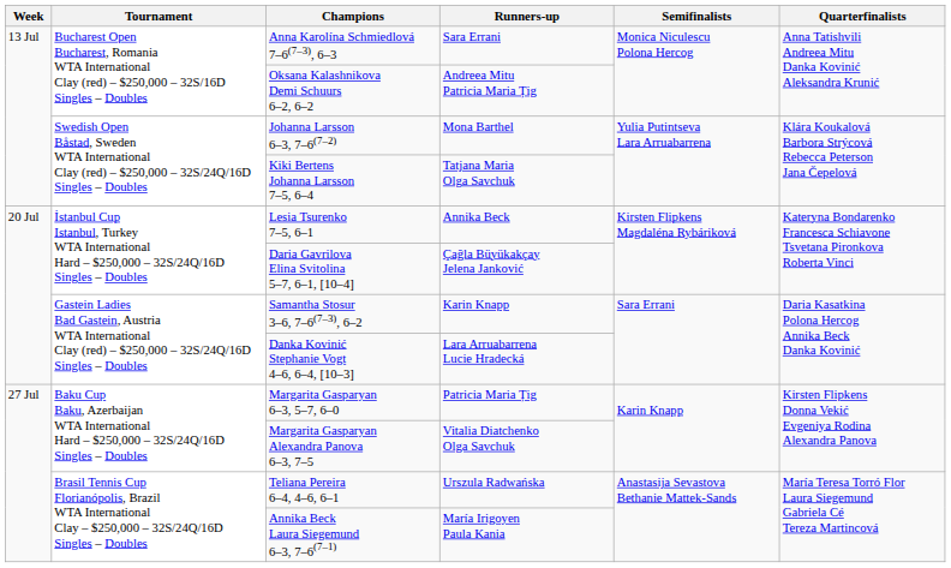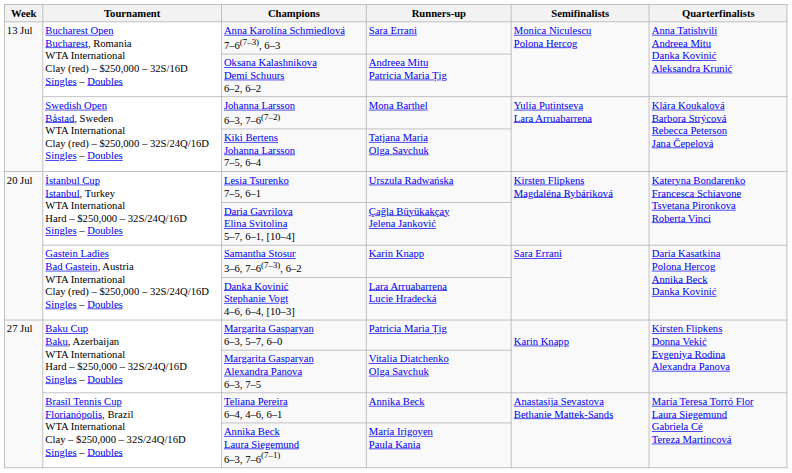 <table class=wikitable style=font-size:95%>
 <tr>
 <th style="width:48px;">Week</th>
 <th style="width:248px;">Tournament</th>
 <th style="width:200px;">Champions</th>
 <th style="width:200px;">Runners-up</th>
 <th style="width:190px;">Semifinalists</th>
 <th style="width:190px;">Quarterfinalists</th>
 </tr>
 <tr valign=top>
 <td rowspan=4>13 Jul</td>
 <td style="background:#fff;" rowspan="2"><a href='#'>Bucharest Open</a> <br>  <a href='#'>Bucharest</a>, Romania<br>WTA International<br>Clay (red) – $250,000 – 32S/16D<br><a href='#'>Singles</a> – <a href='#'>Doubles</a></td>
 <td> <a href='#'>Anna Karolína Schmiedlová</a> <br>7–6<sup>(7–3)</sup>, 6–3</td>
 <td> <a href='#'>Sara Errani</a></td>
 <td rowspan=2> <a href='#'>Monica Niculescu</a> <br>  <a href='#'>Polona Hercog</a></td>
 <td rowspan=2> <a href='#'>Anna Tatishvili</a> <br>  <a href='#'>Andreea Mitu</a> <br>  <a href='#'>Danka Kovinić</a> <br> <a href='#'>Aleksandra Krunić</a></td>
 </tr>
 <tr valign=top>
 <td> <a href='#'>Oksana Kalashnikova</a> <br>  <a href='#'>Demi Schuurs</a><br> 6–2, 6–2</td>
 <td> <a href='#'>Andreea Mitu</a> <br>  <a href='#'>Patricia Maria Țig</a></td>
 </tr>
 <tr valign=top>
 <td style="background:#fff;" rowspan="2"><a href='#'>Swedish Open</a><br> <a href='#'>Båstad</a>, Sweden<br>WTA International<br>Clay (red) – $250,000 – 32S/24Q/16D<br><a href='#'>Singles</a> – <a href='#'>Doubles</a></td>
 <td> <a href='#'>Johanna Larsson</a> <br> 6–3, 7–6<sup>(7–2)</sup></td>
 <td> <a href='#'>Mona Barthel</a></td>
 <td rowspan=2> <a href='#'>Yulia Putintseva</a> <br> <a href='#'>Lara Arruabarrena</a></td>
 <td rowspan=2> <a href='#'>Klára Koukalová</a> <br> <a href='#'>Barbora Strýcová</a> <br>  <a href='#'>Rebecca Peterson</a> <br>  <a href='#'>Jana Čepelová</a></td>
 </tr>
 <tr valign=top>
 <td> <a href='#'>Kiki Bertens</a> <br>  <a href='#'>Johanna Larsson</a> <br> 7–5, 6–4</td>
 <td> <a href='#'>Tatjana Maria</a> <br>  <a href='#'>Olga Savchuk</a></td>
 </tr>
 <tr valign=top>
 <td rowspan=4>20 Jul</td>
 <td style="background:#fff;" rowspan="2"><a href='#'>İstanbul Cup</a><br> <a href='#'>Istanbul</a>, Turkey<br>WTA International<br>Hard – $250,000 – 32S/24Q/16D<br><a href='#'>Singles</a> – <a href='#'>Doubles</a></td>
 <td> <a href='#'>Lesia Tsurenko</a><br>7–5, 6–1</td>
-<td> <a href='#'>Annika Beck</a></td>
+<td> <a href='#'>Urszula Radwańska</a></td>
 <td rowspan=2> <a href='#'>Kirsten Flipkens</a> <br>  <a href='#'>Magdaléna Rybáriková</a></td>
 <td rowspan=2> <a href='#'>Kateryna Bondarenko</a> <br> <a href='#'>Francesca Schiavone</a> <br> <a href='#'>Tsvetana Pironkova</a> <br>  <a href='#'>Roberta Vinci</a></td>
 </tr>
 <tr valign=top>
 <td> <a href='#'>Daria Gavrilova</a><br> <a href='#'>Elina Svitolina</a><br>5–7, 6–1, [10–4]</td>
 <td> <a href='#'>Çağla Büyükakçay</a><br> <a href='#'>Jelena Janković</a></td>
 </tr>
 <tr valign=top>
 <td style="background:#fff;" rowspan="2"><a href='#'>Gastein Ladies</a><br> <a href='#'>Bad Gastein</a>, Austria<br>WTA International<br>Clay (red) – $250,000 – 32S/24Q/16D<br><a href='#'>Singles</a> – <a href='#'>Doubles</a></td>
 <td> <a href='#'>Samantha Stosur</a><br>3–6, 7–6<sup>(7–3)</sup>, 6–2</td>
 <td> <a href='#'>Karin Knapp</a></td>
 <td rowspan=2> <a href='#'>Sara Errani</a> <br>  </td>
 <td rowspan=2> <a href='#'>Daria Kasatkina</a> <br> <a href='#'>Polona Hercog</a> <br> <a href='#'>Annika Beck</a> <br>  <a href='#'>Danka Kovinić</a></td>
 </tr>
 <tr valign=top>
 <td> <a href='#'>Danka Kovinić</a><br> <a href='#'>Stephanie Vogt</a><br>4–6, 6–4, [10–3]</td>
 <td> <a href='#'>Lara Arruabarrena</a><br> <a href='#'>Lucie Hradecká</a></td>
 </tr>
 <tr valign=top>
 <td rowspan=4>27 Jul</td>
 <td style="background:#fff;" rowspan="2"><a href='#'>Baku Cup</a><br> <a href='#'>Baku</a>, Azerbaijan<br>WTA International<br>Hard – $250,000 – 32S/24Q/16D<br><a href='#'>Singles</a> – <a href='#'>Doubles</a></td>
 <td> <a href='#'>Margarita Gasparyan</a><br>6–3, 5–7, 6–0</td>
 <td> <a href='#'>Patricia Maria Țig</a></td>
 <td rowspan=2> <br>  <a href='#'>Karin Knapp</a></td>
 <td rowspan=2> <a href='#'>Kirsten Flipkens</a> <br>  <a href='#'>Donna Vekić</a> <br> <a href='#'>Evgeniya Rodina</a> <br>  <a href='#'>Alexandra Panova</a></td>
 </tr>
 <tr valign=top>
 <td> <a href='#'>Margarita Gasparyan</a> <br>  <a href='#'>Alexandra Panova</a><br> 6–3, 7–5</td>
 <td> <a href='#'>Vitalia Diatchenko</a> <br>  <a href='#'>Olga Savchuk</a></td>
 </tr>
 <tr valign=top>
 <td style="background:#fff;" rowspan="2"><a href='#'>Brasil Tennis Cup</a><br> <a href='#'>Florianópolis</a>, Brazil<br>WTA International<br>Clay – $250,000 – 32S/24Q/16D<br><a href='#'>Singles</a> – <a href='#'>Doubles</a></td>
 <td> <a href='#'>Teliana Pereira</a><br>6–4, 4–6, 6–1</td>
-<td> <a href='#'>Urszula Radwańska</a></td>
+<td> <a href='#'>Annika Beck</a></td>
 <td rowspan=2> <a href='#'>Anastasija Sevastova</a><br>  <a href='#'>Bethanie Mattek-Sands</a></td>
 <td rowspan=2> <a href='#'>María Teresa Torró Flor</a> <br>  <a href='#'>Laura Siegemund</a> <br>  <a href='#'>Gabriela Cé</a> <br>  <a href='#'>Tereza Martincová</a></td>
 </tr>
 <tr valign=top>
 <td> <a href='#'>Annika Beck</a><br> <a href='#'>Laura Siegemund</a><br>6–3, 7–6<sup>(7–1)</sup></td>
 <td> <a href='#'>María Irigoyen</a><br> <a href='#'>Paula Kania</a></td>
 </tr>
 </table>
